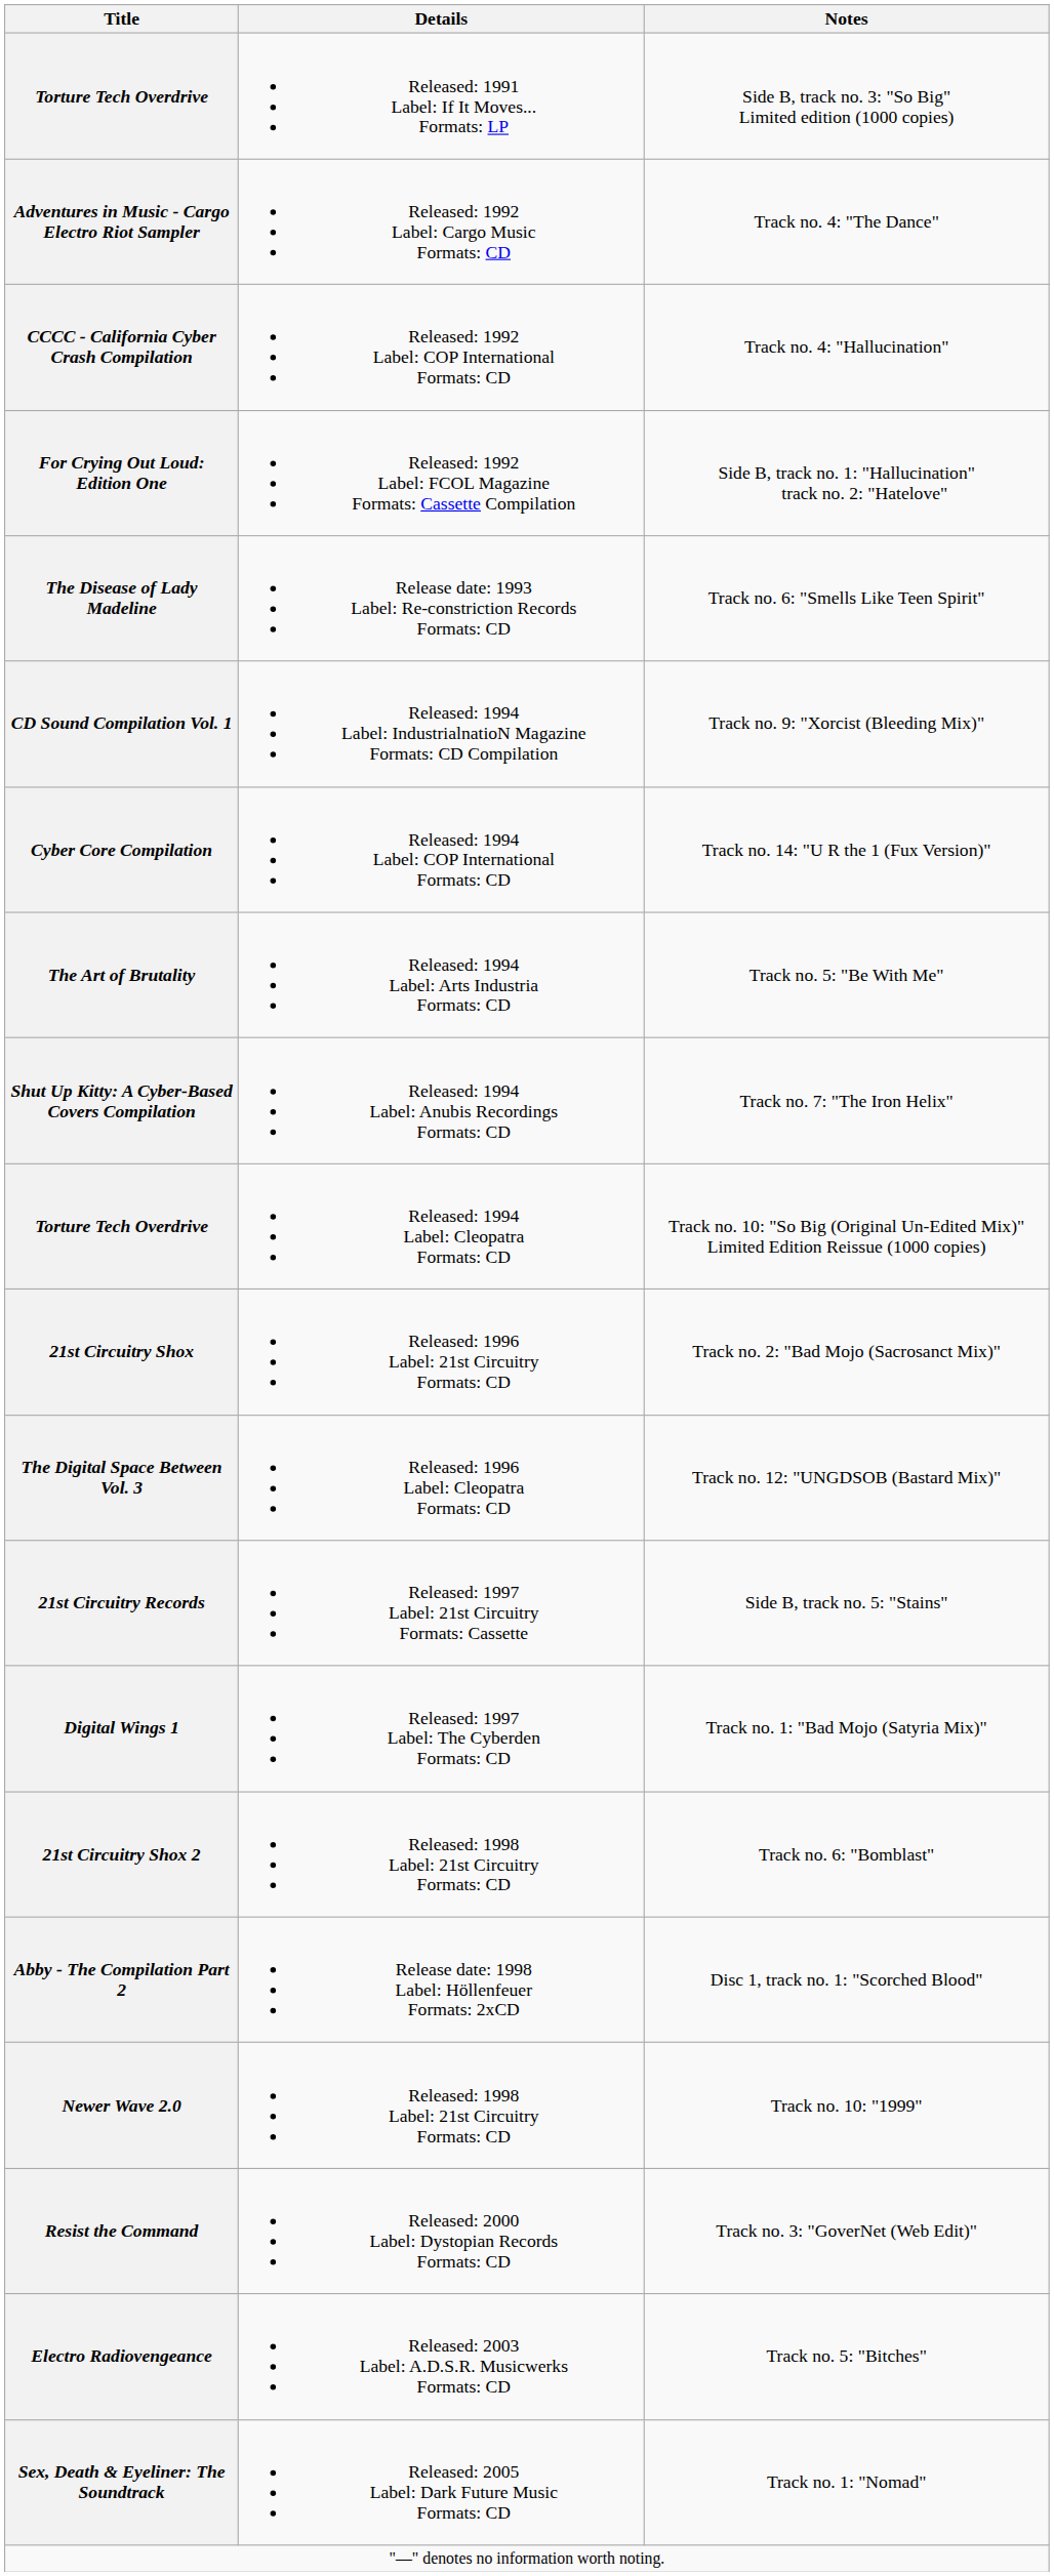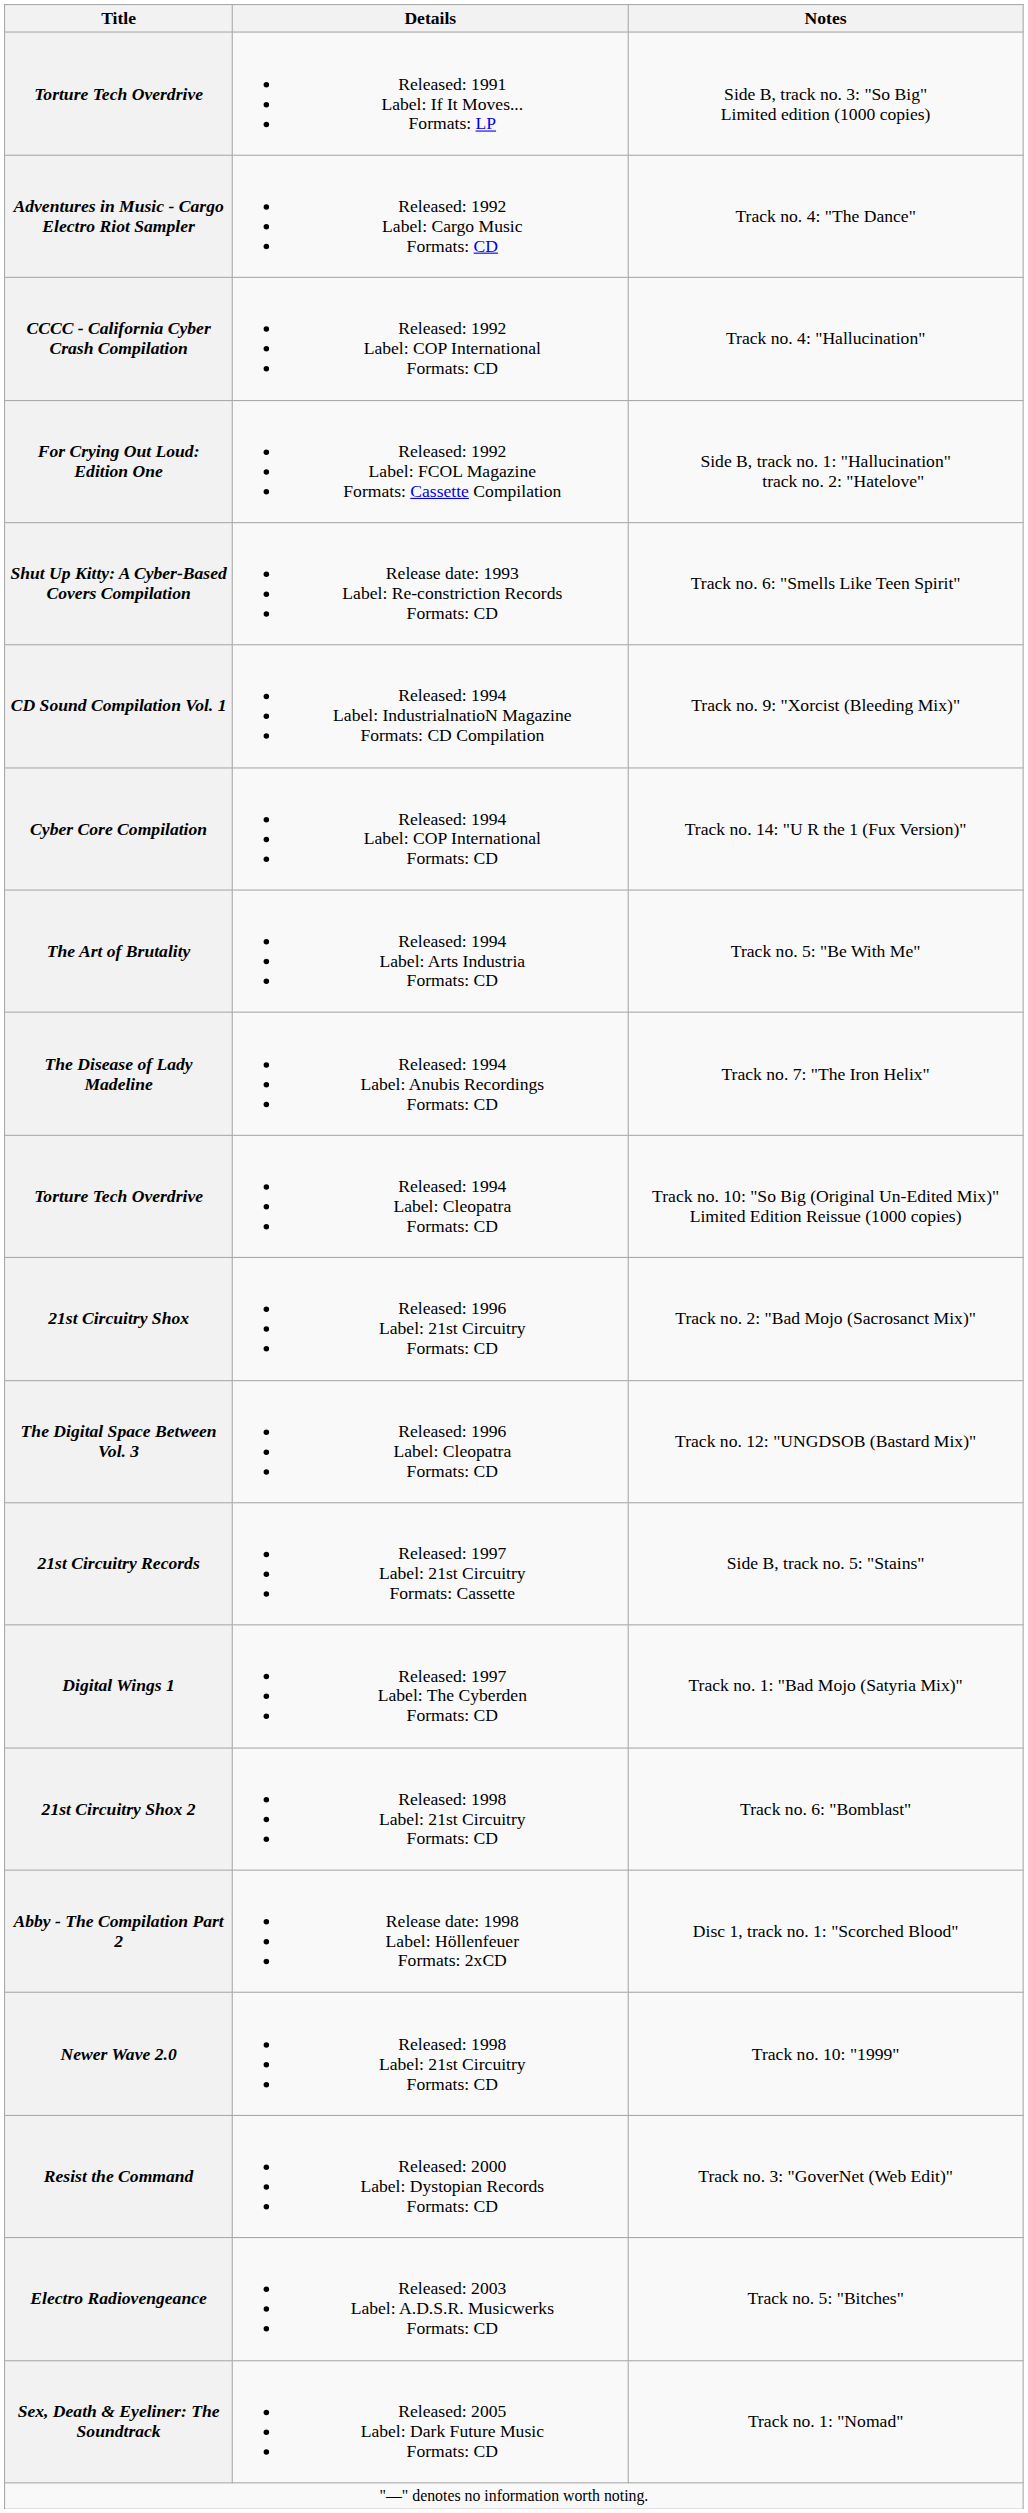 <table class="wikitable plainrowheaders" style="text-align:center;">
 <tr>
 <th scope="col" style="width:12.5em;">Title</th>
 <th scope="col" style="width:22em;">Details</th>
 <th scope="col" style="width:22em;">Notes</th>
 </tr>
 <tr>
 <th scope="row"><em>Torture Tech Overdrive</em></th>
 <td><br><ul><li>Released: 1991</li><li>Label: If It Moves...</li><li>Formats: <a href='#'>LP</a></li></ul></td>
 <td><br>Side B, track no. 3: "So Big" <br> Limited edition (1000 copies)</td>
 </tr>
 <tr>
 <th scope="row"><em>Adventures in Music - Cargo Electro Riot Sampler</em></th>
 <td><br><ul><li>Released: 1992</li><li>Label: Cargo Music</li><li>Formats: <a href='#'>CD</a></li></ul></td>
 <td>Track no. 4: "The Dance"</td>
 </tr>
 <tr>
 <th scope="row"><em>CCCC - California Cyber Crash Compilation</em></th>
 <td><br><ul><li>Released: 1992</li><li>Label: COP International</li><li>Formats: CD</li></ul></td>
 <td>Track no. 4: "Hallucination"</td>
 </tr>
 <tr>
 <th scope="row"><em>For Crying Out Loud: Edition One</em></th>
 <td><br><ul><li>Released: 1992</li><li>Label: FCOL Magazine</li><li>Formats: <a href='#'>Cassette</a> Compilation</li></ul></td>
 <td><br>Side B, track no. 1: "Hallucination"<br>   track no. 2: "Hatelove"</td>
 </tr>
 <tr>
-<th scope="row"><em>The Disease of Lady Madeline</em></th>
+<th scope="row"><em>Shut Up Kitty: A Cyber-Based Covers Compilation</em></th>
 <td><br><ul><li>Release date: 1993</li><li>Label: Re-constriction Records</li><li>Formats: CD</li></ul></td>
 <td>Track no. 6: "Smells Like Teen Spirit"</td>
 </tr>
 <tr>
 <th scope="row"><em>CD Sound Compilation Vol. 1</em></th>
 <td><br><ul><li>Released: 1994</li><li>Label: IndustrialnatioN Magazine</li><li>Formats: CD Compilation</li></ul></td>
 <td>Track no. 9: "Xorcist (Bleeding Mix)"</td>
 </tr>
 <tr>
 <th scope="row"><em>Cyber Core Compilation</em></th>
 <td><br><ul><li>Released: 1994</li><li>Label: COP International</li><li>Formats: CD</li></ul></td>
 <td>Track no. 14: "U R the 1 (Fux Version)"</td>
 </tr>
 <tr>
 <th scope="row"><em>The Art of Brutality</em></th>
 <td><br><ul><li>Released: 1994</li><li>Label: Arts Industria</li><li>Formats: CD</li></ul></td>
 <td>Track no. 5: "Be With Me"</td>
 </tr>
 <tr>
-<th scope="row"><em>Shut Up Kitty: A Cyber-Based Covers Compilation</em></th>
+<th scope="row"><em>The Disease of Lady Madeline</em></th>
 <td><br><ul><li>Released: 1994</li><li>Label: Anubis Recordings</li><li>Formats: CD</li></ul></td>
 <td>Track no. 7: "The Iron Helix"</td>
 </tr>
 <tr>
 <th scope="row"><em>Torture Tech Overdrive</em></th>
 <td><br><ul><li>Released: 1994</li><li>Label: Cleopatra</li><li>Formats: CD</li></ul></td>
 <td><br>Track no. 10: "So Big (Original Un-Edited Mix)" Limited Edition Reissue (1000 copies)</td>
 </tr>
 <tr>
 <th scope="row"><em>21st Circuitry Shox</em></th>
 <td><br><ul><li>Released: 1996</li><li>Label: 21st Circuitry</li><li>Formats: CD</li></ul></td>
 <td>Track no. 2: "Bad Mojo (Sacrosanct Mix)"</td>
 </tr>
 <tr>
 <th scope="row"><em>The Digital Space Between Vol. 3</em></th>
 <td><br><ul><li>Released: 1996</li><li>Label: Cleopatra</li><li>Formats: CD</li></ul></td>
 <td>Track no. 12: "UNGDSOB (Bastard Mix)"</td>
 </tr>
 <tr>
 <th scope="row"><em>21st Circuitry Records</em></th>
 <td><br><ul><li>Released: 1997</li><li>Label: 21st Circuitry</li><li>Formats: Cassette</li></ul></td>
 <td>Side B, track no. 5: "Stains"</td>
 </tr>
 <tr>
 <th scope="row"><em>Digital Wings 1</em></th>
 <td><br><ul><li>Released: 1997</li><li>Label: The Cyberden</li><li>Formats: CD</li></ul></td>
 <td>Track no. 1: "Bad Mojo (Satyria Mix)"</td>
 </tr>
 <tr>
 <th scope="row"><em>21st Circuitry Shox 2</em></th>
 <td><br><ul><li>Released: 1998</li><li>Label: 21st Circuitry</li><li>Formats: CD</li></ul></td>
 <td>Track no. 6: "Bomblast"</td>
 </tr>
 <tr>
 <th scope="row"><em>Abby - The Compilation Part 2</em></th>
 <td><br><ul><li>Release date: 1998</li><li>Label: Höllenfeuer</li><li>Formats: 2xCD</li></ul></td>
 <td>Disc 1, track no. 1: "Scorched Blood"</td>
 </tr>
 <tr>
 <th scope="row"><em>Newer Wave 2.0</em></th>
 <td><br><ul><li>Released: 1998</li><li>Label: 21st Circuitry</li><li>Formats: CD</li></ul></td>
 <td>Track no. 10: "1999"</td>
 </tr>
 <tr>
 <th scope="row"><em>Resist the Command</em></th>
 <td><br><ul><li>Released: 2000</li><li>Label: Dystopian Records</li><li>Formats: CD</li></ul></td>
 <td>Track no. 3: "GoverNet (Web Edit)"</td>
 </tr>
 <tr>
 <th scope="row"><em>Electro Radiovengeance</em></th>
 <td><br><ul><li>Released: 2003</li><li>Label: A.D.S.R. Musicwerks</li><li>Formats: CD</li></ul></td>
 <td>Track no. 5: "Bitches"</td>
 </tr>
 <tr>
 <th scope="row"><em>Sex, Death & Eyeliner: The Soundtrack</em></th>
 <td><br><ul><li>Released: 2005</li><li>Label: Dark Future Music</li><li>Formats: CD</li></ul></td>
 <td>Track no. 1: "Nomad"</td>
 </tr>
 <tr>
 <td colspan="12" style="font-size:90%">"—" denotes no information worth noting.</td>
 </tr>
 </table>
